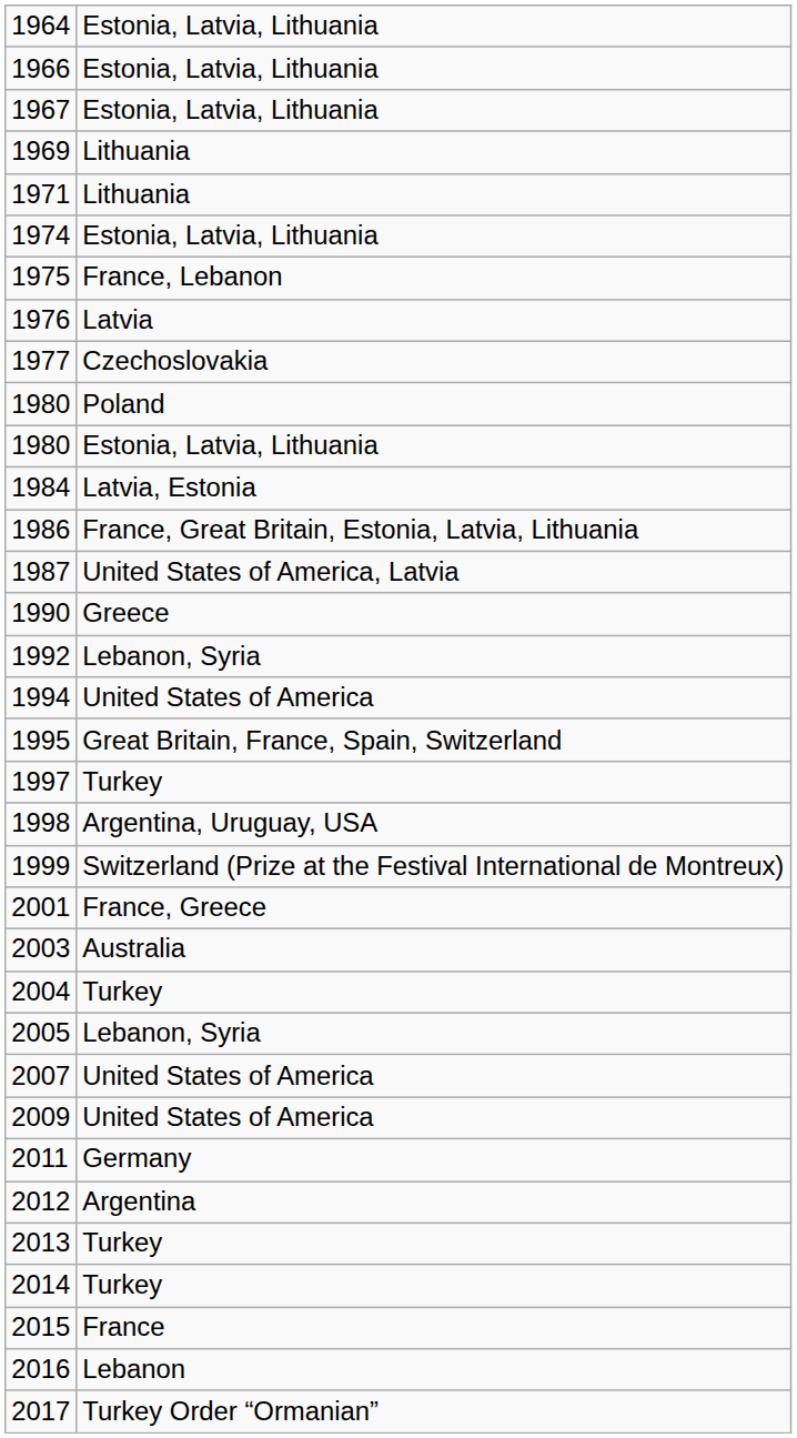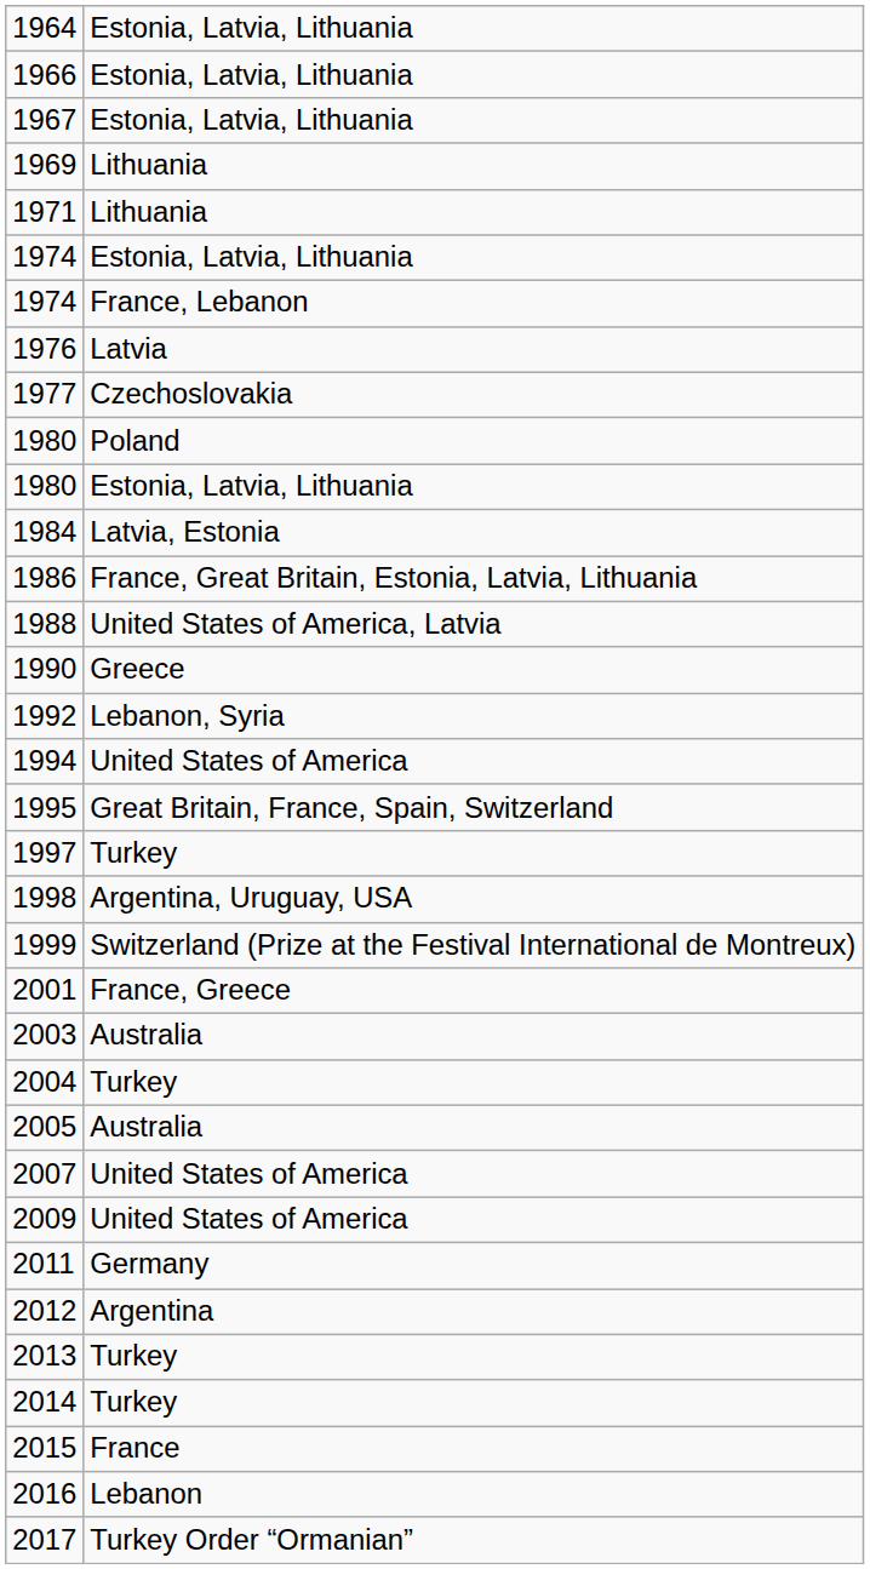 <table class="wikitable">
 <tr>
 <td>1964</td>
 <td>Estonia, Latvia, Lithuania</td>
 </tr>
 <tr>
 <td>1966</td>
 <td>Estonia, Latvia, Lithuania</td>
 </tr>
 <tr>
 <td>1967</td>
 <td>Estonia, Latvia, Lithuania</td>
 </tr>
 <tr>
 <td>1969</td>
 <td>Lithuania</td>
 </tr>
 <tr>
 <td>1971</td>
 <td>Lithuania</td>
 </tr>
 <tr>
 <td>1974</td>
 <td>Estonia, Latvia, Lithuania</td>
 </tr>
 <tr>
-<td>1975</td>
+<td>1974</td>
 <td>France, Lebanon</td>
 </tr>
 <tr>
 <td>1976</td>
 <td>Latvia</td>
 </tr>
 <tr>
 <td>1977</td>
 <td>Czechoslovakia</td>
 </tr>
 <tr>
 <td>1980</td>
 <td>Poland</td>
 </tr>
 <tr>
 <td>1980</td>
 <td>Estonia, Latvia, Lithuania</td>
 </tr>
 <tr>
 <td>1984</td>
 <td>Latvia, Estonia</td>
 </tr>
 <tr>
 <td>1986</td>
 <td>France, Great Britain, Estonia, Latvia, Lithuania</td>
 </tr>
 <tr>
-<td>1987</td>
+<td>1988</td>
 <td>United States of America, Latvia</td>
 </tr>
 <tr>
 <td>1990</td>
 <td>Greece</td>
 </tr>
 <tr>
 <td>1992</td>
 <td>Lebanon, Syria</td>
 </tr>
 <tr>
 <td>1994</td>
 <td>United States of America</td>
 </tr>
 <tr>
 <td>1995</td>
 <td>Great Britain, France, Spain, Switzerland</td>
 </tr>
 <tr>
 <td>1997</td>
 <td>Turkey</td>
 </tr>
 <tr>
 <td>1998</td>
 <td>Argentina, Uruguay, USA</td>
 </tr>
 <tr>
 <td>1999</td>
 <td>Switzerland (Prize at the Festival International de Montreux)</td>
 </tr>
 <tr>
 <td>2001</td>
 <td>France, Greece</td>
 </tr>
 <tr>
 <td>2003</td>
 <td>Australia</td>
 </tr>
 <tr>
 <td>2004</td>
 <td>Turkey</td>
 </tr>
 <tr>
 <td>2005</td>
-<td>Lebanon, Syria</td>
+<td>Australia</td>
 </tr>
 <tr>
 <td>2007</td>
 <td>United States of America</td>
 </tr>
 <tr>
 <td>2009</td>
 <td>United States of America</td>
 </tr>
 <tr>
 <td>2011</td>
 <td>Germany</td>
 </tr>
 <tr>
 <td>2012</td>
 <td>Argentina</td>
 </tr>
 <tr>
 <td>2013</td>
 <td>Turkey</td>
 </tr>
 <tr>
 <td>2014</td>
 <td>Turkey</td>
 </tr>
 <tr>
 <td>2015</td>
 <td>France</td>
 </tr>
 <tr>
 <td>2016</td>
 <td>Lebanon</td>
 </tr>
 <tr>
 <td>2017</td>
 <td>Turkey Order “Ormanian”</td>
 </tr>
 </table>
